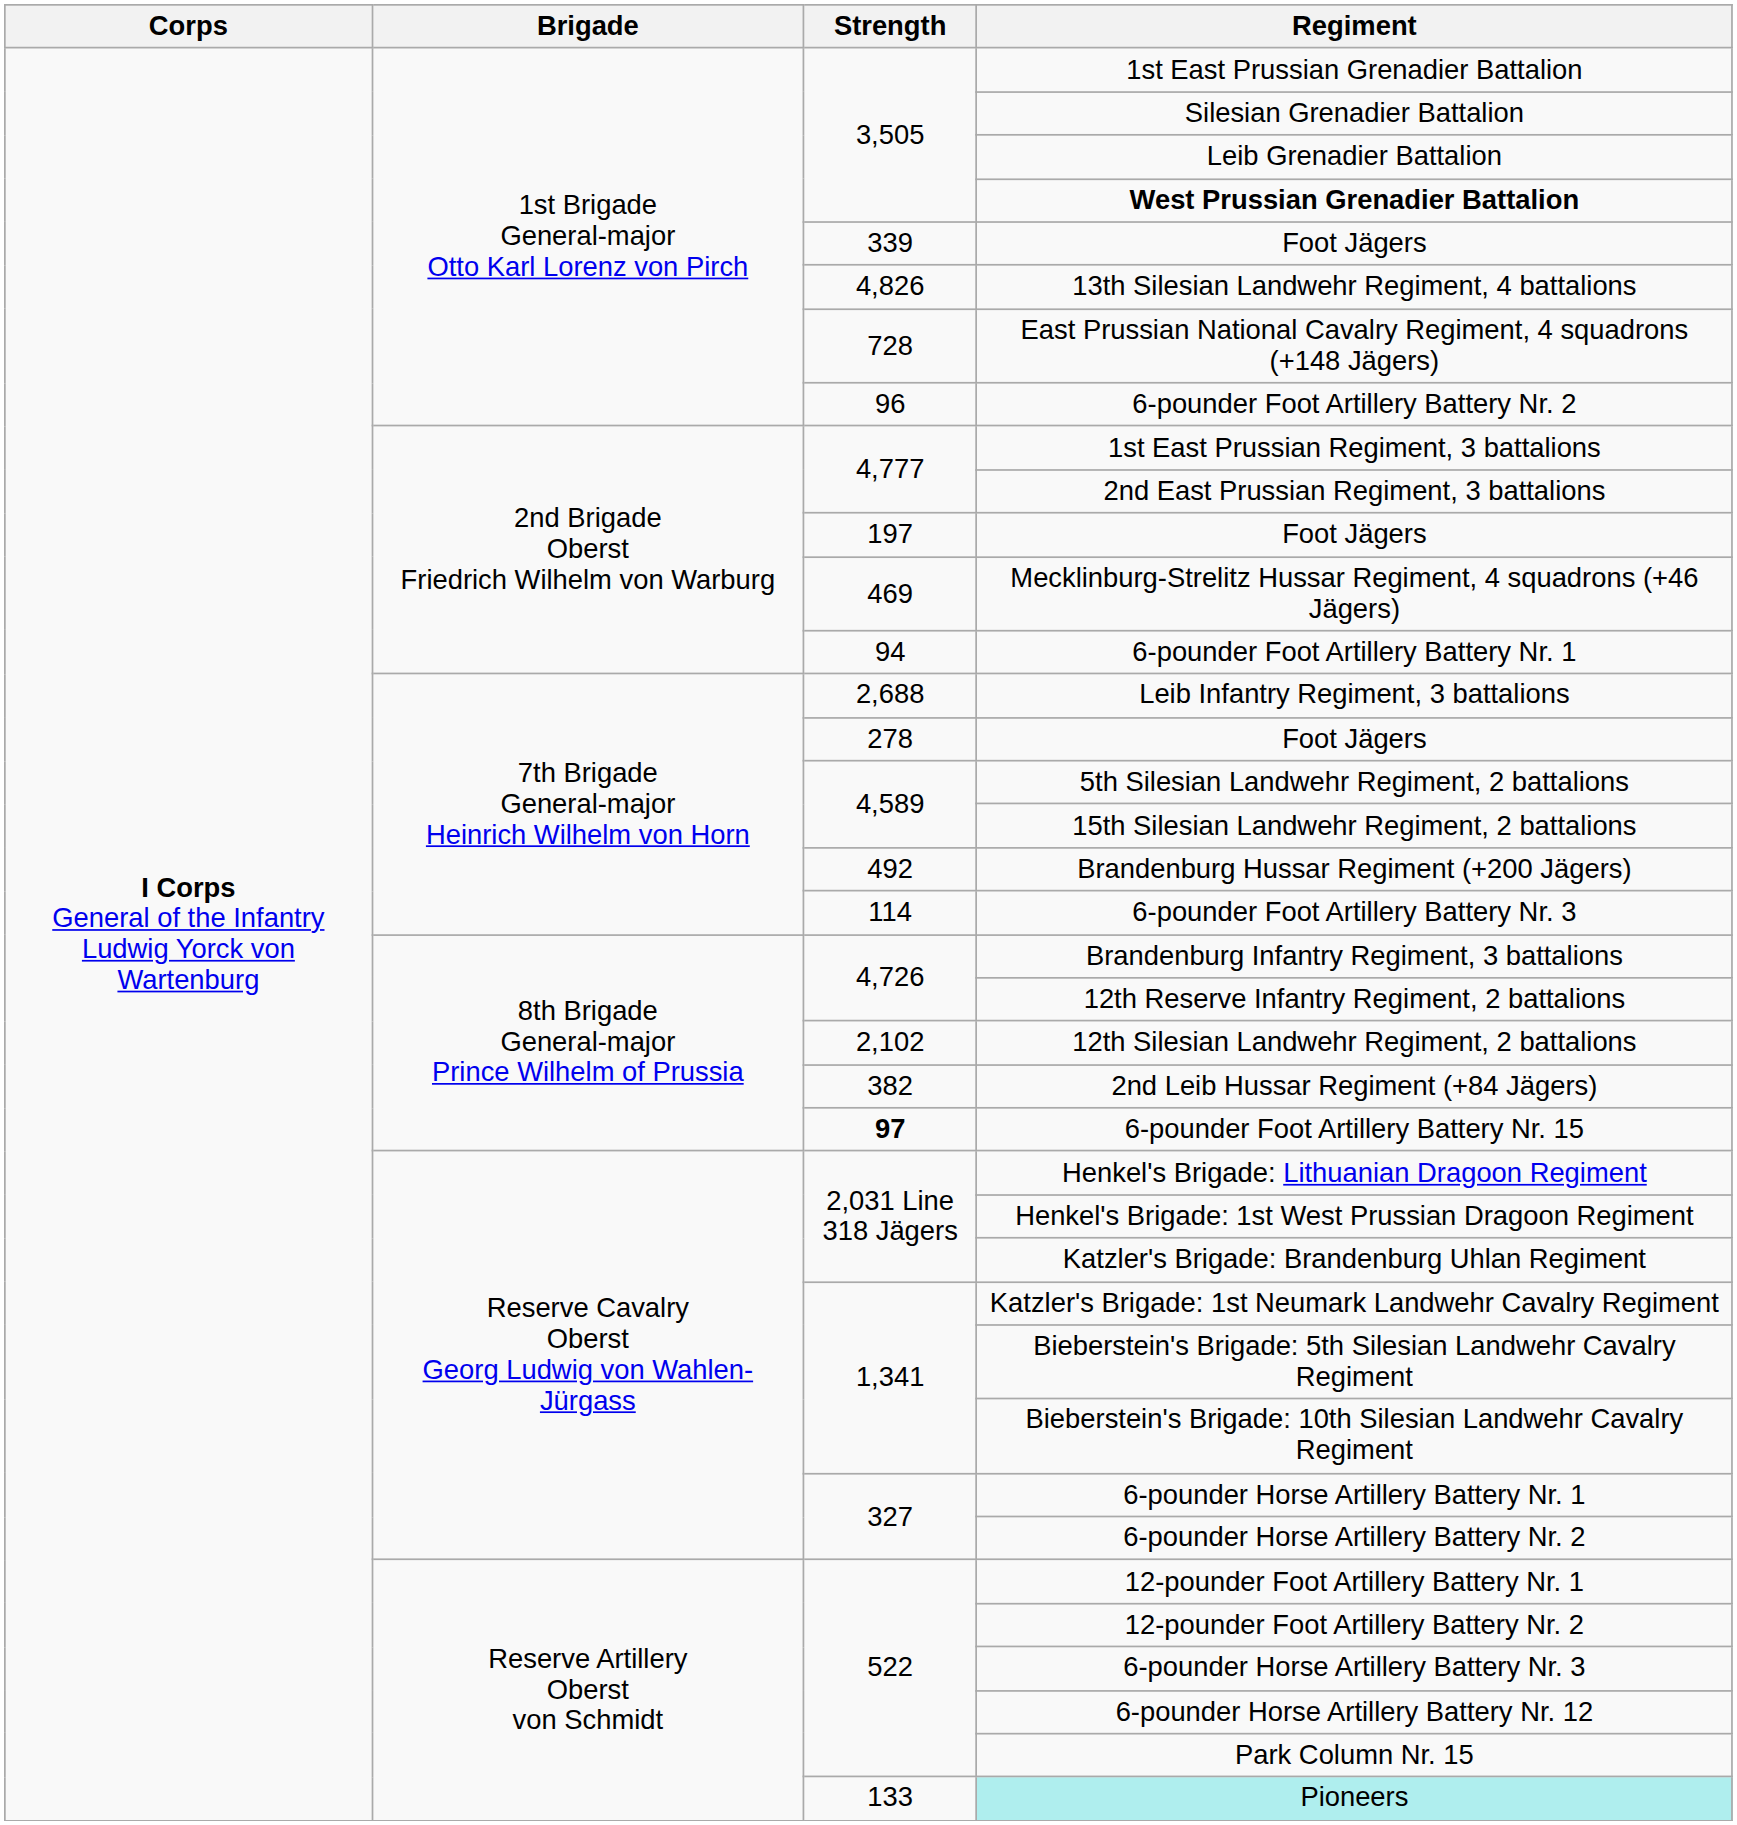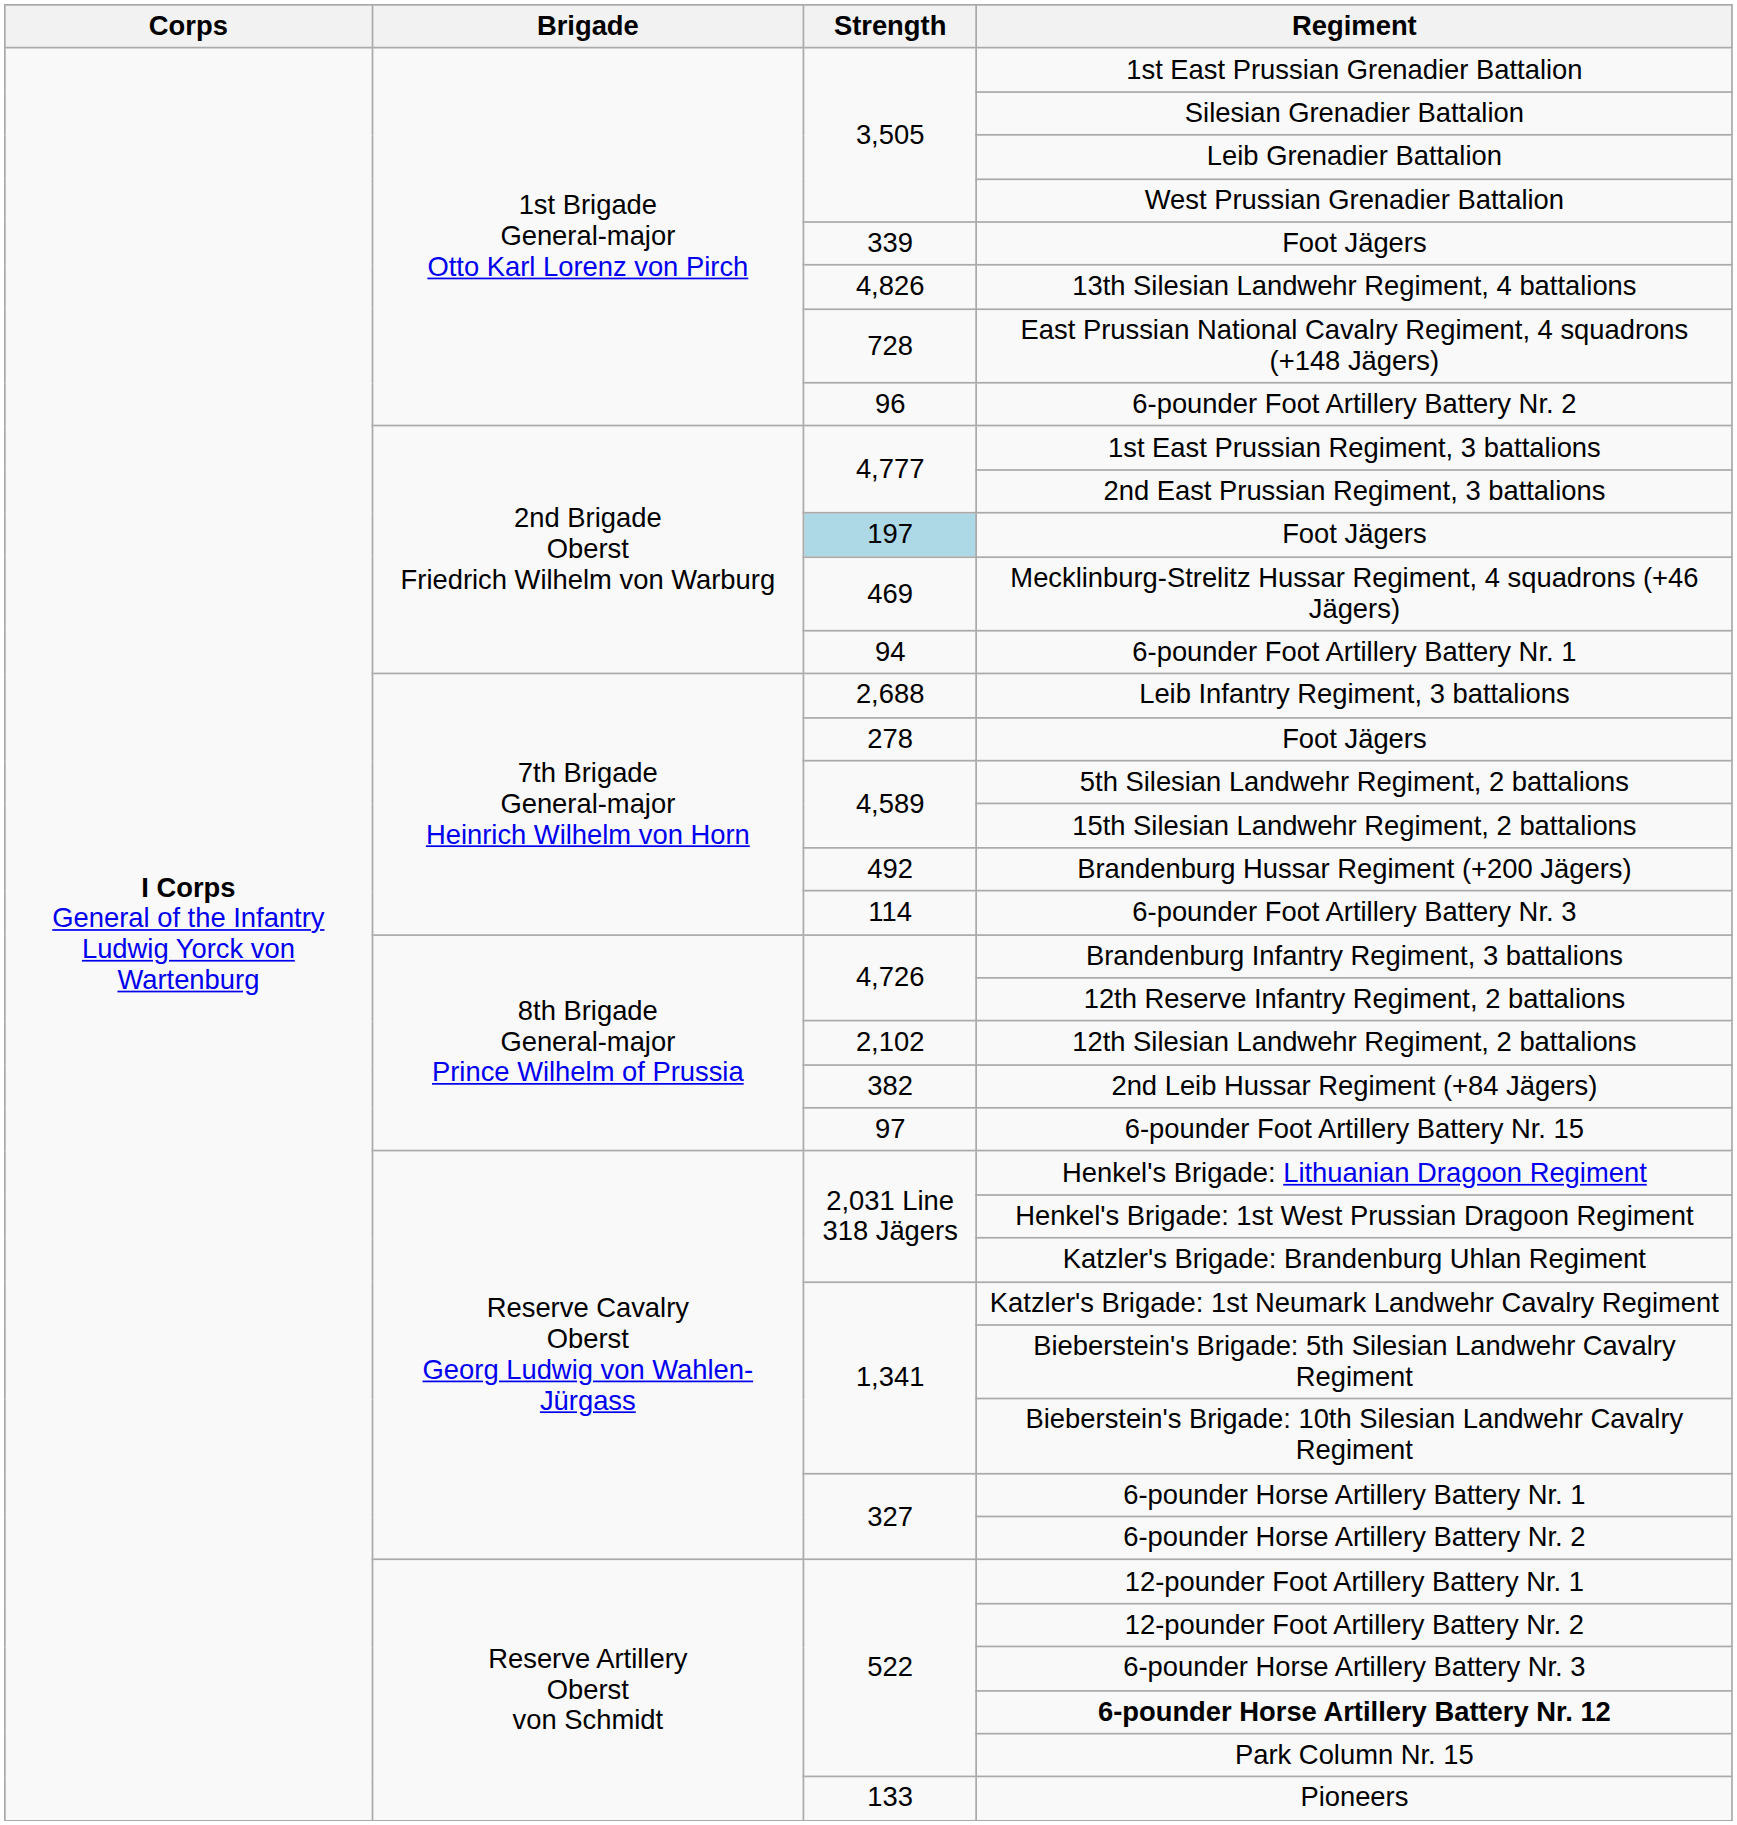 <table class="wikitable" style="text-align:center; width:80%;">
 <tr>
 <th width=17%>Corps</th>
 <th width=20%>Brigade</th>
 <th width=8%>Strength</th>
 <th width=35%>Regiment</th>
 </tr>
 <tr>
 <td ROWSPAN=38><strong>I Corps</strong><br><a href='#'>General of the Infantry</a><br><a href='#'>Ludwig Yorck von Wartenburg</a><br></td>
 <td ROWSPAN=8>1st Brigade<br>General-major<br><a href='#'>Otto Karl Lorenz von Pirch</a></td>
 <td ROWSPAN=4>3,505</td>
 <td>1st East Prussian Grenadier Battalion</td>
 </tr>
 <tr>
 <td>Silesian Grenadier Battalion</td>
 </tr>
 <tr>
 <td>Leib Grenadier Battalion</td>
 </tr>
 <tr>
-<td><strong>West Prussian Grenadier Battalion</strong></td>
+<td>West Prussian Grenadier Battalion</td>
 </tr>
 <tr>
 <td ROWSPAN=1>339</td>
 <td>Foot Jägers</td>
 </tr>
 <tr>
 <td ROWSPAN=1>4,826</td>
 <td>13th Silesian Landwehr Regiment, 4 battalions</td>
 </tr>
 <tr>
 <td ROWSPAN=1>728</td>
 <td>East Prussian National Cavalry Regiment, 4 squadrons (+148 Jägers)</td>
 </tr>
 <tr>
 <td ROWSPAN=1>96</td>
 <td>6-pounder Foot Artillery Battery Nr. 2</td>
 </tr>
 <tr>
 <td ROWSPAN=5>2nd Brigade<br>Oberst<br>Friedrich Wilhelm von Warburg</td>
 <td ROWSPAN=2>4,777</td>
 <td>1st East Prussian Regiment, 3 battalions</td>
 </tr>
 <tr>
 <td>2nd East Prussian Regiment, 3 battalions</td>
 </tr>
 <tr>
-<td ROWSPAN=1>197</td>
+<td ROWSPAN=1 style="background: lightblue;">197</td>
 <td>Foot Jägers</td>
 </tr>
 <tr>
 <td ROWSPAN=1>469</td>
 <td>Mecklinburg-Strelitz Hussar Regiment, 4 squadrons (+46 Jägers)</td>
 </tr>
 <tr>
 <td ROWSPAN=1>94</td>
 <td>6-pounder Foot Artillery Battery Nr. 1</td>
 </tr>
 <tr>
 <td ROWSPAN=6>7th Brigade<br>General-major<br><a href='#'>Heinrich Wilhelm von Horn</a><br></td>
 <td ROWSPAN=1>2,688</td>
 <td>Leib Infantry Regiment, 3 battalions</td>
 </tr>
 <tr>
 <td ROWSPAN=1>278</td>
 <td>Foot Jägers</td>
 </tr>
 <tr>
 <td ROWSPAN=2>4,589</td>
 <td>5th Silesian Landwehr Regiment, 2 battalions</td>
 </tr>
 <tr>
 <td>15th Silesian Landwehr Regiment, 2 battalions</td>
 </tr>
 <tr>
 <td ROWSPAN=1>492</td>
 <td>Brandenburg Hussar Regiment (+200 Jägers)</td>
 </tr>
 <tr>
 <td ROWSPAN=1>114</td>
 <td>6-pounder Foot Artillery Battery Nr. 3</td>
 </tr>
 <tr>
 <td ROWSPAN=5>8th Brigade<br>General-major<br><a href='#'>Prince Wilhelm of Prussia</a><br></td>
 <td ROWSPAN=2>4,726</td>
 <td>Brandenburg Infantry Regiment, 3 battalions</td>
 </tr>
 <tr>
 <td>12th Reserve Infantry Regiment, 2 battalions</td>
 </tr>
 <tr>
 <td ROWSPAN=1>2,102</td>
 <td>12th Silesian Landwehr Regiment, 2 battalions</td>
 </tr>
 <tr>
 <td ROWSPAN=1>382</td>
 <td>2nd Leib Hussar Regiment (+84 Jägers)</td>
 </tr>
 <tr>
-<td ROWSPAN=1><strong>97</strong></td>
+<td ROWSPAN=1>97</td>
 <td>6-pounder Foot Artillery Battery Nr. 15</td>
 </tr>
 <tr>
 <td ROWSPAN=8>Reserve Cavalry<br>Oberst<br><a href='#'>Georg Ludwig von Wahlen-Jürgass</a></td>
 <td ROWSPAN=3>2,031 Line<br>318 Jägers</td>
 <td>Henkel's Brigade: <a href='#'>Lithuanian Dragoon Regiment</a></td>
 </tr>
 <tr>
 <td>Henkel's Brigade: 1st West Prussian Dragoon Regiment</td>
 </tr>
 <tr>
 <td>Katzler's Brigade: Brandenburg Uhlan Regiment</td>
 </tr>
 <tr>
 <td ROWSPAN=3>1,341</td>
 <td>Katzler's Brigade: 1st Neumark Landwehr Cavalry Regiment</td>
 </tr>
 <tr>
 <td>Bieberstein's Brigade: 5th Silesian Landwehr Cavalry Regiment</td>
 </tr>
 <tr>
 <td>Bieberstein's Brigade: 10th Silesian Landwehr Cavalry Regiment</td>
 </tr>
 <tr>
 <td ROWSPAN=2>327</td>
 <td>6-pounder Horse Artillery Battery Nr. 1</td>
 </tr>
 <tr>
 <td>6-pounder Horse Artillery Battery Nr. 2</td>
 </tr>
 <tr>
 <td ROWSPAN=6>Reserve Artillery<br>Oberst<br>von Schmidt</td>
 <td ROWSPAN=5>522</td>
 <td>12-pounder Foot Artillery Battery Nr. 1</td>
 </tr>
 <tr>
 <td>12-pounder Foot Artillery Battery Nr. 2</td>
 </tr>
 <tr>
 <td>6-pounder Horse Artillery Battery Nr. 3</td>
 </tr>
 <tr>
-<td>6-pounder Horse Artillery Battery Nr. 12</td>
+<td><strong>6-pounder Horse Artillery Battery Nr. 12</strong></td>
 </tr>
 <tr>
 <td>Park Column Nr. 15</td>
 </tr>
 <tr>
 <td ROWSPAN=1>133</td>
-<td style="background: paleturquoise;">Pioneers</td>
+<td>Pioneers</td>
 </tr>
 <tr>
 </tr>
 </table>
